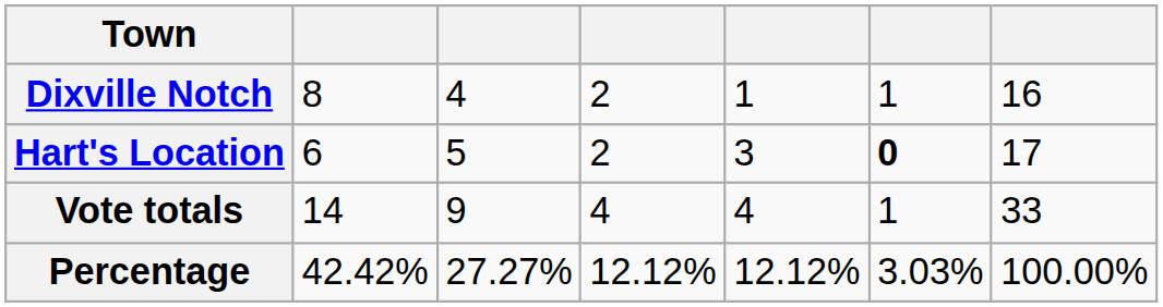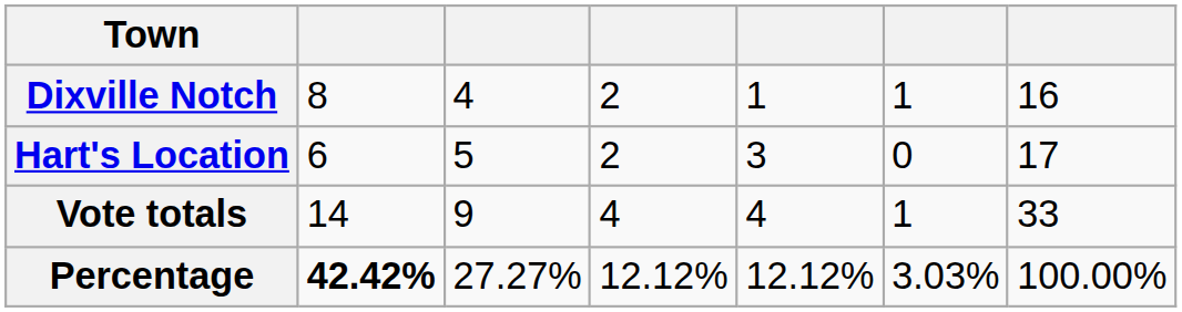 <table class="wikitable sortable" style=margin:auto;margin:auto>
 <tr valign=bottom>
 <th>Town</th>
 <th></th>
 <th></th>
 <th></th>
 <th></th>
 <th></th>
 <th></th>
 </tr>
 <tr>
 <th><a href='#'>Dixville Notch</a></th>
 <td>8</td>
 <td>4</td>
 <td>2</td>
 <td>1</td>
 <td>1</td>
 <td>16</td>
 </tr>
 <tr>
 <th><a href='#'>Hart's Location</a></th>
 <td>6</td>
 <td>5</td>
 <td>2</td>
 <td>3</td>
-<td><strong>0</strong></td>
+<td>0</td>
 <td>17</td>
 </tr>
 <tr>
 <th>Vote totals</th>
 <td>14</td>
 <td>9</td>
 <td>4</td>
 <td>4</td>
 <td>1</td>
 <td>33</td>
 </tr>
 <tr>
 <th>Percentage</th>
-<td>42.42%</td>
+<td><strong>42.42%</strong></td>
 <td>27.27%</td>
 <td>12.12%</td>
 <td>12.12%</td>
 <td>3.03%</td>
 <td>100.00%</td>
 </tr>
 </table>
